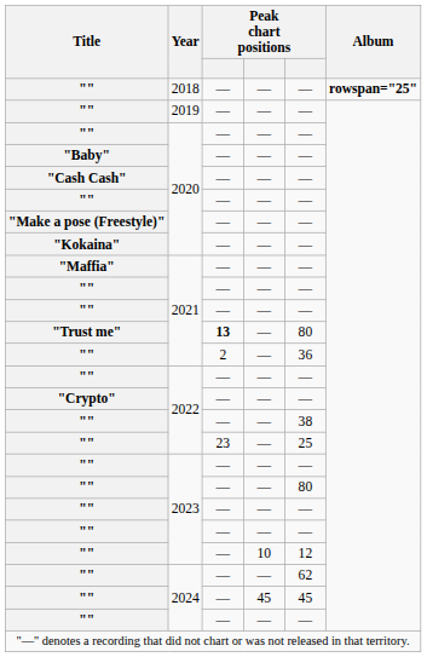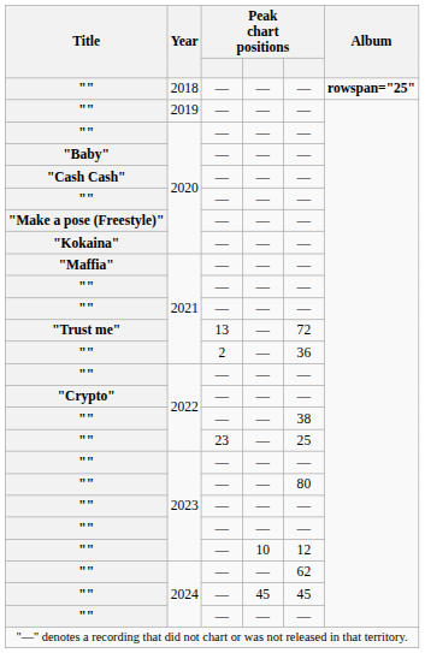 <table class="wikitable plainrowheaders" style="text-align:center;">
 <tr>
 <th scope="col" rowspan="2">Title</th>
 <th scope="col" rowspan="2">Year</th>
 <th scope="col" colspan="3">Peak<br>chart<br>positions</th>
 <th scope="col" rowspan="2">Album</th>
 </tr>
 <tr>
 <th scope=col style="width:3em; font-size:85%;"><a href='#'></a><br></th>
 <th style="width:3em; font-size:85%;"><a href='#'></a><br></th>
 <th scope=col style="width:3em; font-size:85%;"><a href='#'></a><br></th>
 </tr>
 <tr>
 <th scope="row">""</th>
 <td>2018</td>
 <td>—</td>
 <td>—</td>
 <td>—</td>
 <td><strong>rowspan="25" </strong></td>
 </tr>
 <tr>
 <th scope="row">""</th>
 <td>2019</td>
 <td>—</td>
 <td>—</td>
 <td>—</td>
 </tr>
 <tr>
 <th scope="row">""</th>
 <td rowspan="6">2020</td>
 <td>—</td>
 <td>—</td>
 <td>—</td>
 </tr>
 <tr>
 <th scope="row">"Baby"</th>
 <td>—</td>
 <td>—</td>
 <td>—</td>
 </tr>
 <tr>
 <th scope="row">"Cash Cash"</th>
 <td>—</td>
 <td>—</td>
 <td>—</td>
 </tr>
 <tr>
 <th scope="row">""</th>
 <td>—</td>
 <td>—</td>
 <td>—</td>
 </tr>
 <tr>
 <th scope="row">"Make a pose (Freestyle)"</th>
 <td>—</td>
 <td>—</td>
 <td>—</td>
 </tr>
 <tr>
 <th scope="row">"Kokaina"</th>
 <td>—</td>
 <td>—</td>
 <td>—</td>
 </tr>
 <tr>
 <th scope="row">"Maffia"</th>
 <td rowspan="5">2021</td>
 <td>—</td>
 <td>—</td>
 <td>—</td>
 </tr>
 <tr>
 <th scope="row">""</th>
 <td>—</td>
 <td>—</td>
 <td>—</td>
 </tr>
 <tr>
 <th scope="row">""</th>
 <td>—</td>
 <td>—</td>
 <td>—</td>
 </tr>
 <tr>
 <th scope="row">"Trust me"</th>
-<td><strong>13</strong></td>
+<td>13</td>
 <td>—</td>
-<td>80</td>
+<td>72</td>
 </tr>
 <tr>
 <th scope="row">""<br></th>
 <td>2</td>
 <td>—</td>
 <td>36</td>
 </tr>
 <tr>
 <th scope="row">""</th>
 <td rowspan="4">2022</td>
 <td>—</td>
 <td>—</td>
 <td>—</td>
 </tr>
 <tr>
 <th scope="row">"Crypto"</th>
 <td>—</td>
 <td>—</td>
 <td>—</td>
 </tr>
 <tr>
 <th scope="row">""</th>
 <td>—</td>
 <td>—</td>
 <td>38</td>
 </tr>
 <tr>
 <th scope="row">""<br></th>
 <td>23</td>
 <td>—</td>
 <td>25</td>
 </tr>
 <tr>
 <th scope="row">""</th>
 <td rowspan="5">2023</td>
 <td>—</td>
 <td>—</td>
 <td>—</td>
 </tr>
 <tr>
 <th scope="row">""</th>
 <td>—</td>
 <td>—</td>
 <td>80</td>
 </tr>
 <tr>
 <th scope="row">""</th>
 <td>—</td>
 <td>—</td>
 <td>—</td>
 </tr>
 <tr>
 <th scope="row">""</th>
 <td>—</td>
 <td>—</td>
 <td>—</td>
 </tr>
 <tr>
 <th scope="row">""<br></th>
 <td>—</td>
 <td>10</td>
 <td>12</td>
 </tr>
 <tr>
 <th scope="row">""</th>
 <td rowspan="3">2024</td>
 <td>—</td>
 <td>—</td>
 <td>62</td>
 </tr>
 <tr>
 <th scope="row">""<br></th>
 <td>—</td>
 <td>45</td>
 <td>45</td>
 </tr>
 <tr>
 <th scope="row">""</th>
 <td>—</td>
 <td>—</td>
 <td>—</td>
 </tr>
 <tr>
 <td colspan="6" style="font-size:90%">"—" denotes a recording that did not chart or was not released in that territory.</td>
 </tr>
 </table>
